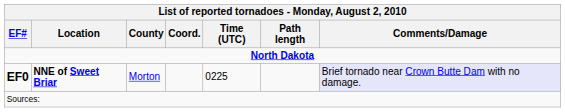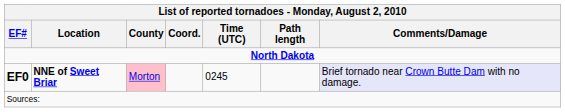 <table class="wikitable collapsible" width="100%">
 <tr>
 <th colspan="7">List of reported tornadoes - Monday, August 2, 2010</th>
 </tr>
 <tr>
 <th><a href='#'>EF#</a></th>
 <th>Location</th>
 <th>County</th>
 <th>Coord.</th>
 <th>Time (UTC)</th>
 <th>Path length</th>
 <th>Comments/Damage</th>
 </tr>
 <tr>
 <td colspan="7" align=center><strong><a href='#'>North Dakota</a></strong></td>
 </tr>
 <tr>
 <td><big><strong>EF0</strong></big></td>
 <td><strong>NNE of <a href='#'>Sweet Briar</a></strong></td>
-<td><a href='#'>Morton</a></td>
+<td style="background: pink;"><a href='#'>Morton</a></td>
 <td></td>
-<td>0225</td>
+<td>0245</td>
 <td></td>
 <td style="background: lavender;">Brief tornado near <a href='#'>Crown Butte Dam</a> with no damage.</td>
 </tr>
 <tr>
 <td colspan="7"><small>Sources:<br></small></td>
 </tr>
 </table>
